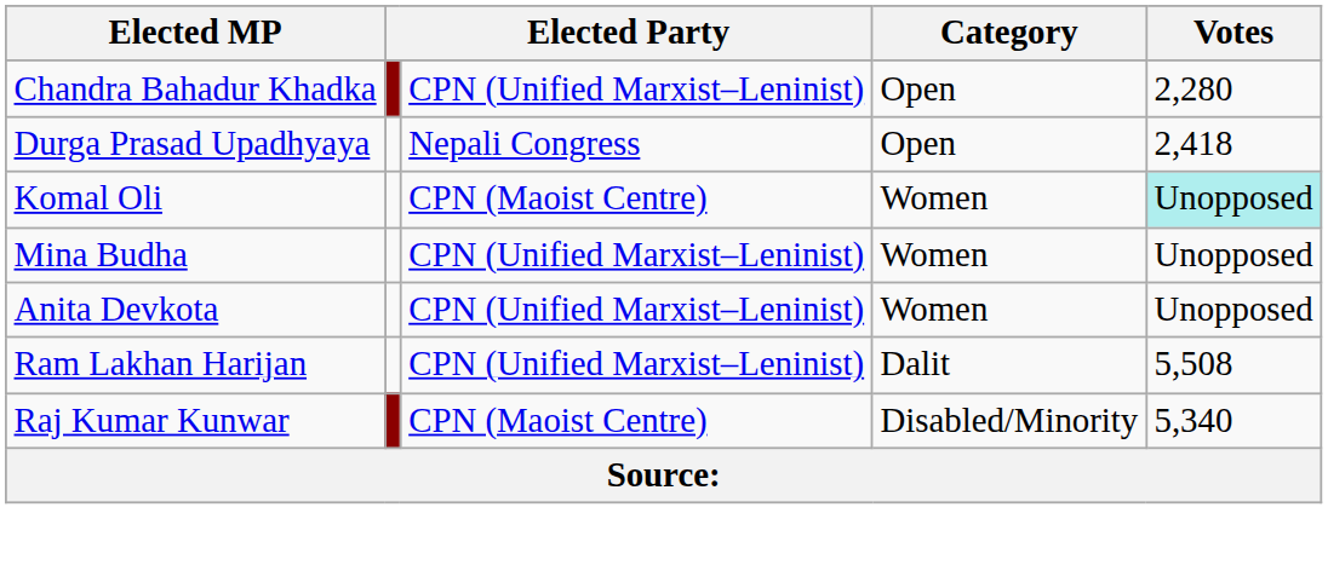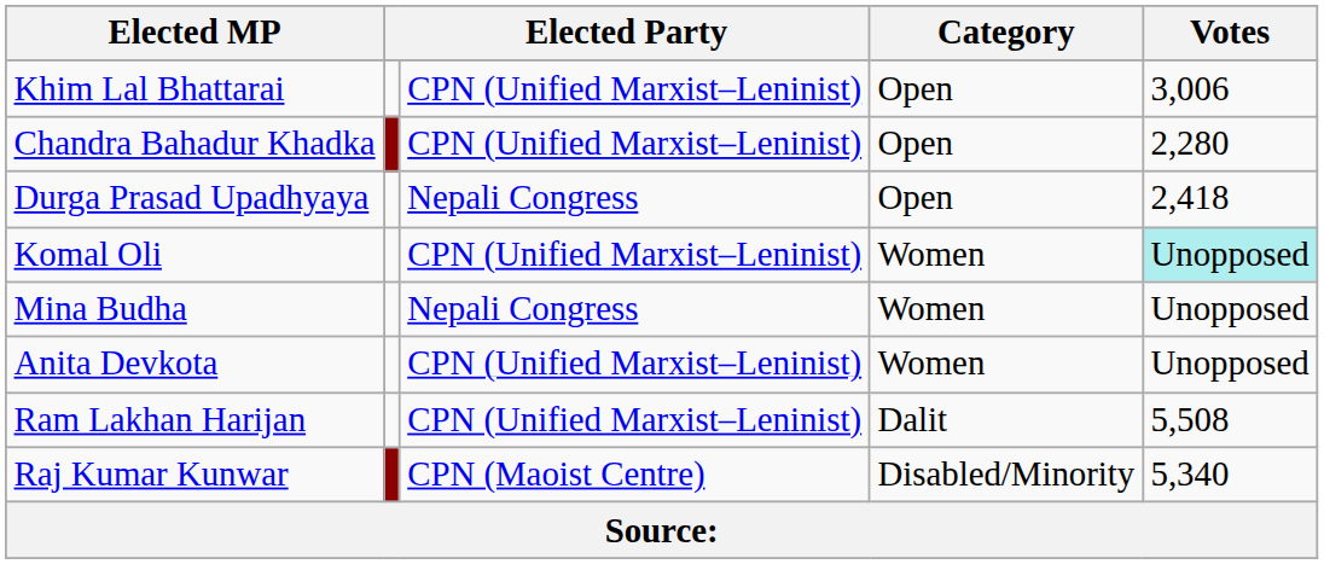 <table class="wikitable">
 <tr>
 <th>Elected MP</th>
 <th colspan="2">Elected Party</th>
 <th>Category</th>
 <th>Votes</th>
+</tr>
+<tr>
+<td><a href='#'>Khim Lal Bhattarai</a></td>
+<td></td>
+<td><a href='#'>CPN (Unified Marxist–Leninist)</a></td>
+<td>Open</td>
+<td>3,006</td>
 </tr>
 <tr>
 <td><a href='#'>Chandra Bahadur Khadka</a></td>
 <td bgcolor="8B0000"></td>
 <td><a href='#'>CPN (Unified Marxist–Leninist)</a></td>
 <td>Open</td>
 <td>2,280</td>
 </tr>
 <tr>
 <td><a href='#'>Durga Prasad Upadhyaya</a></td>
 <td></td>
 <td><a href='#'>Nepali Congress</a></td>
 <td>Open</td>
 <td>2,418</td>
 </tr>
 <tr>
 <td><a href='#'>Komal Oli</a></td>
 <td></td>
-<td><a href='#'>CPN (Maoist Centre)</a></td>
+<td><a href='#'>CPN (Unified Marxist–Leninist)</a></td>
 <td>Women</td>
 <td style="background: paleturquoise;">Unopposed</td>
 </tr>
 <tr>
 <td><a href='#'>Mina Budha</a></td>
 <td></td>
-<td><a href='#'>CPN (Unified Marxist–Leninist)</a></td>
+<td><a href='#'>Nepali Congress</a></td>
 <td>Women</td>
 <td>Unopposed</td>
 </tr>
 <tr>
 <td><a href='#'>Anita Devkota</a></td>
 <td></td>
 <td><a href='#'>CPN (Unified Marxist–Leninist)</a></td>
 <td>Women</td>
 <td>Unopposed</td>
 </tr>
 <tr>
 <td><a href='#'>Ram Lakhan Harijan</a></td>
 <td></td>
 <td><a href='#'>CPN (Unified Marxist–Leninist)</a></td>
 <td>Dalit</td>
 <td>5,508</td>
 </tr>
 <tr>
 <td><a href='#'>Raj Kumar Kunwar</a></td>
 <td bgcolor="8B0000"></td>
 <td><a href='#'>CPN (Maoist Centre)</a></td>
 <td>Disabled/Minority</td>
 <td>5,340</td>
 </tr>
 <tr>
 <th colspan="5">Source: </th>
 </tr>
 </table>
